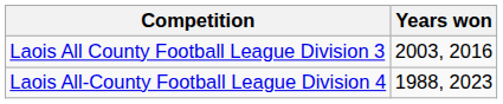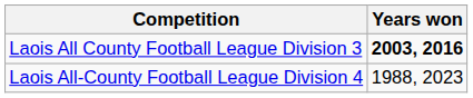 <table class="wikitable">
 <tr>
 <th>Competition</th>
 <th>Years won</th>
 </tr>
 <tr>
 <td><a href='#'>Laois All County Football League Division 3</a></td>
-<td cell 2>2003, 2016</td>
+<td cell 2><strong>2003, 2016</strong></td>
 </tr>
 <tr>
 <td><a href='#'>Laois All-County Football League Division 4</a></td>
 <td>1988, 2023</td>
 </tr>
 </table>
